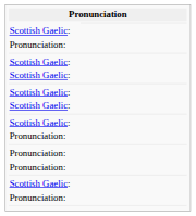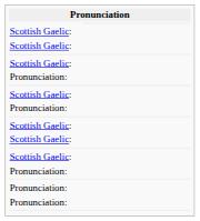 <table class="mw-collapsible infobox mw-collapsed"  style="width:280px; font-size:90%;">
 <tr>
 <th colspan="2" style="background:#efefef;">Pronunciation</th>
 </tr>
 <tr style="vertical-align: top;">
 <td style="width: 40%;"></td>
+<th colspan="2" style="background:#efefef;"></th>
+</tr>
+<tr>
+<td><a href='#'>Scottish Gaelic</a>:</td>
+<td></td>
+</tr>
+<tr>
+<td><a href='#'>Scottish Gaelic</a>:</td>
+<td></td>
+</tr>
+<tr>
 <th colspan="2" style="background:#efefef;"></th>
 </tr>
 <tr>
 <td><a href='#'>Scottish Gaelic</a>:</td>
 <td></td>
 </tr>
 <tr>
 <td>Pronunciation:</td>
 <td></td>
 </tr>
 <tr>
 <th colspan="2" style="background:#efefef;"></th>
 </tr>
 <tr>
 <td><a href='#'>Scottish Gaelic</a>:</td>
 <td></td>
 </tr>
 <tr>
-<td><a href='#'>Scottish Gaelic</a>:</td>
+<td>Pronunciation:</td>
 <td></td>
 </tr>
 <tr>
 <th colspan="2" style="background:#efefef;"></th>
 </tr>
 <tr>
 <td><a href='#'>Scottish Gaelic</a>:</td>
 <td></td>
 </tr>
 <tr>
 <td><a href='#'>Scottish Gaelic</a>:</td>
 <td></td>
 </tr>
 <tr>
 <th colspan="2" style="background:#efefef;"></th>
 </tr>
 <tr>
 <td><a href='#'>Scottish Gaelic</a>:</td>
 <td></td>
 </tr>
 <tr>
 <td>Pronunciation:</td>
 <td></td>
 </tr>
 <tr>
 <th colspan="2" style="background:#efefef;"></th>
 </tr>
 <tr>
 <td>Pronunciation:</td>
 <td></td>
 </tr>
 <tr>
 <td>Pronunciation:</td>
 <td></td>
 </tr>
 <tr>
 <th colspan="2" style="background:#efefef;"></th>
 </tr>
 <tr>
-<td><a href='#'>Scottish Gaelic</a>:</td>
-<td></td>
-</tr>
-<tr>
-<td>Pronunciation:</td>
-<td></td>
-</tr>
-<tr>
-<th colspan="2" style="background:#efefef;"></th>
-</tr>
-<tr>
 </tr>
 </table>
